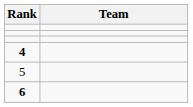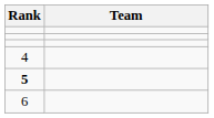 <table class=wikitable style="text-align:center;">
 <tr>
 <th>Rank</th>
 <th width=180>Team</th>
 </tr>
 <tr>
 <td></td>
 <td align=left></td>
 </tr>
 <tr>
 <td></td>
 <td align=left></td>
 </tr>
 <tr>
 <td></td>
 <td align=left></td>
 </tr>
 <tr>
-<td><strong>4</strong></td>
+<td>4</td>
 <td align=left></td>
 </tr>
 <tr>
-<td>5</td>
+<td><strong>5</strong></td>
 <td align=left></td>
 </tr>
 <tr>
-<td><strong>6</strong></td>
+<td>6</td>
 <td align=left></td>
 </tr>
 </table>
